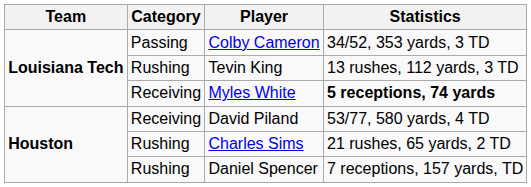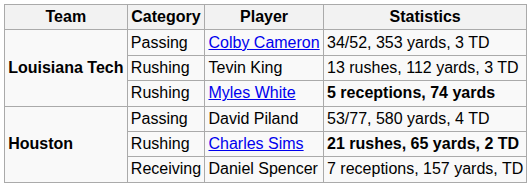 <table class="wikitable" style="float: left;">
 <tr>
 <th>Team</th>
 <th>Category</th>
 <th>Player</th>
 <th>Statistics</th>
 </tr>
 <tr>
 <td rowspan=3><strong>Louisiana Tech</strong></td>
 <td>Passing</td>
 <td><a href='#'>Colby Cameron</a></td>
 <td>34/52, 353 yards, 3 TD</td>
 </tr>
 <tr>
 <td>Rushing</td>
 <td>Tevin King</td>
 <td>13 rushes, 112 yards, 3 TD</td>
 </tr>
 <tr>
-<td>Receiving</td>
+<td>Rushing</td>
 <td><a href='#'>Myles White</a></td>
 <td><strong>5 receptions, 74 yards</strong></td>
 </tr>
 <tr>
 <td rowspan=3><strong>Houston</strong></td>
-<td>Receiving</td>
+<td>Passing</td>
 <td>David Piland</td>
 <td>53/77, 580 yards, 4 TD</td>
 </tr>
 <tr>
 <td>Rushing</td>
 <td><a href='#'>Charles Sims</a></td>
-<td>21 rushes, 65 yards, 2 TD</td>
+<td><strong>21 rushes, 65 yards, 2 TD</strong></td>
 </tr>
 <tr>
-<td>Rushing</td>
+<td>Receiving</td>
 <td>Daniel Spencer</td>
 <td>7 receptions, 157 yards, TD</td>
 </tr>
 </table>
